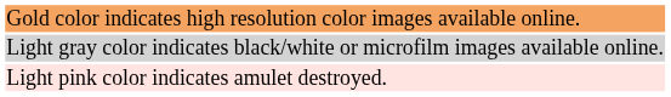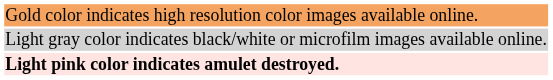 <table style="background:transparent">
 <tr>
 <td bgcolor="sandybrown">Gold color indicates high resolution color images available online.</td>
 </tr>
 <tr>
 <td bgcolor="lightgray">Light gray color indicates black/white or microfilm images available online.</td>
 </tr>
 <tr>
-<td bgcolor="mistyrose">Light pink color indicates amulet destroyed.</td>
+<td bgcolor="mistyrose"><strong>Light pink color indicates amulet destroyed.</strong></td>
 </tr>
 </table>
